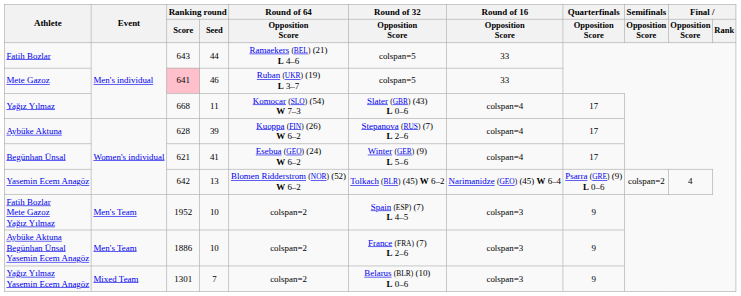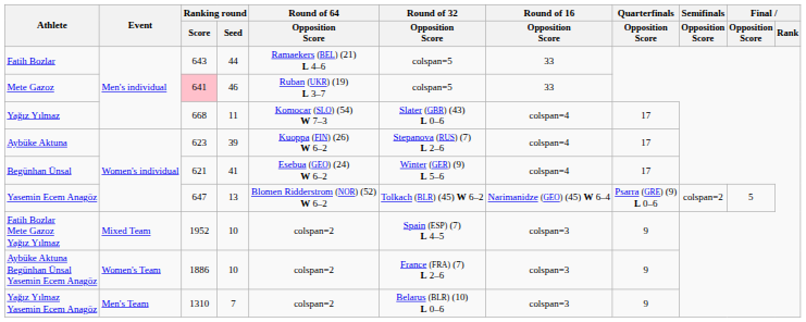 <table class="wikitable" style="font-size:90%">
 <tr>
 <th rowspan="2">Athlete</th>
 <th rowspan="2">Event</th>
 <th colspan="2">Ranking round</th>
 <th>Round of 64</th>
 <th>Round of 32</th>
 <th>Round of 16</th>
 <th>Quarterfinals</th>
 <th>Semifinals</th>
 <th colspan="2">Final / </th>
 </tr>
 <tr style="font-size:95%">
 <th>Score</th>
 <th>Seed</th>
 <th>Opposition<br>Score</th>
 <th>Opposition<br>Score</th>
 <th>Opposition<br>Score</th>
 <th>Opposition<br>Score</th>
 <th>Opposition<br>Score</th>
 <th>Opposition<br>Score</th>
 <th>Rank</th>
 </tr>
 <tr align=center>
 <td align=left><a href='#'>Fatih Bozlar</a></td>
 <td align=left rowspan=3><a href='#'>Men's individual</a></td>
 <td>643</td>
 <td>44</td>
 <td> <a href='#'>Ramaekers</a> <small>(<a href='#'>BEL</a>)</small> (21) <br><strong>L</strong> 4–6</td>
 <td>colspan=5 </td>
 <td>33</td>
 </tr>
 <tr align=center>
 <td align=left><a href='#'>Mete Gazoz</a></td>
 <td style="background: pink;">641</td>
 <td>46</td>
 <td> <a href='#'>Ruban</a> <small>(<a href='#'>UKR</a>)</small> (19) <br><strong>L</strong> 3–7</td>
 <td>colspan=5 </td>
 <td>33</td>
 </tr>
 <tr align=center>
 <td align=left><a href='#'>Yağız Yılmaz</a></td>
 <td>668</td>
 <td>11</td>
 <td> <a href='#'>Komocar</a> <small>(<a href='#'>SLO</a>)</small> (54) <br><strong>W</strong> 7–3</td>
 <td> <a href='#'>Slater</a> <small>(<a href='#'>GBR</a>)</small> (43) <br><strong>L</strong> 0–6</td>
 <td>colspan=4 </td>
 <td>17</td>
 </tr>
 <tr align=center>
 <td align=left><a href='#'>Aybüke Aktuna</a></td>
 <td align=left rowspan=3><a href='#'>Women's individual</a></td>
-<td>628</td>
+<td>623</td>
 <td>39</td>
 <td> <a href='#'>Kuoppa</a> <small>(<a href='#'>FIN</a>)</small> (26) <br><strong>W</strong> 6–2</td>
 <td> <a href='#'>Stepanova</a> <small>(<a href='#'>RUS</a>)</small> (7) <br><strong>L</strong> 2–6</td>
 <td>colspan=4 </td>
 <td>17</td>
 </tr>
 <tr align=center>
 <td align=left><a href='#'>Begünhan Ünsal</a></td>
 <td>621</td>
 <td>41</td>
 <td> <a href='#'>Esebua</a> <small>(<a href='#'>GEO</a>)</small> (24) <br><strong>W</strong> 6–2</td>
 <td> <a href='#'>Winter</a> <small>(<a href='#'>GER</a>)</small> (9) <br><strong>L</strong> 5–6</td>
 <td>colspan=4 </td>
 <td>17</td>
 </tr>
 <tr align=center>
 <td align=left><a href='#'>Yasemin Ecem Anagöz</a></td>
-<td>642</td>
+<td>647</td>
 <td>13</td>
 <td> <a href='#'>Blomen Ridderstrom</a> <small>(<a href='#'>NOR</a>)</small> (52) <br><strong>W</strong> 6–2</td>
 <td> <a href='#'>Tolkach</a> <small>(<a href='#'>BLR</a>)</small> (45) <strong>W</strong> 6–2</td>
 <td> <a href='#'>Narimanidze</a> <small>(<a href='#'>GEO</a>)</small> (45) <strong>W</strong> 6–4</td>
 <td> <a href='#'>Psarra</a> <small>(<a href='#'>GRE</a>)</small> (9) <br><strong>L</strong> 0–6</td>
 <td>colspan=2 </td>
-<td>4</td>
+<td>5</td>
 </tr>
 <tr align=center>
 <td align=left><a href='#'>Fatih Bozlar</a><br><a href='#'>Mete Gazoz</a><br><a href='#'>Yağız Yılmaz</a></td>
-<td align=left><a href='#'>Men's Team</a></td>
+<td align=left><a href='#'>Mixed Team</a></td>
 <td>1952</td>
 <td>10</td>
 <td>colspan=2 </td>
 <td> <a href='#'>Spain</a> <small>(ESP)</small> (7) <br><strong>L</strong> 4–5</td>
 <td>colspan=3 </td>
 <td>9</td>
 </tr>
 <tr align=center>
 <td align=left><a href='#'>Aybüke Aktuna</a><br><a href='#'>Begünhan Ünsal</a><br><a href='#'>Yasemin Ecem Anagöz</a></td>
-<td align=left><a href='#'>Men's Team</a></td>
+<td align=left><a href='#'>Women's Team</a></td>
 <td>1886</td>
 <td>10</td>
 <td>colspan=2 </td>
 <td> <a href='#'>France</a> <small>(FRA)</small> (7) <br><strong>L</strong> 2–6</td>
 <td>colspan=3 </td>
 <td>9</td>
 </tr>
 <tr align=center>
 <td align=left><a href='#'>Yağız Yılmaz</a><br><a href='#'>Yasemin Ecem Anagöz</a></td>
-<td align=left><a href='#'>Mixed Team</a></td>
-<td>1301</td>
+<td align=left><a href='#'>Men's Team</a></td>
+<td>1310</td>
 <td>7</td>
 <td>colspan=2 </td>
 <td> <a href='#'>Belarus</a> <small>(BLR)</small> (10) <br><strong>L</strong> 0–6</td>
 <td>colspan=3 </td>
 <td>9</td>
 </tr>
 </table>
